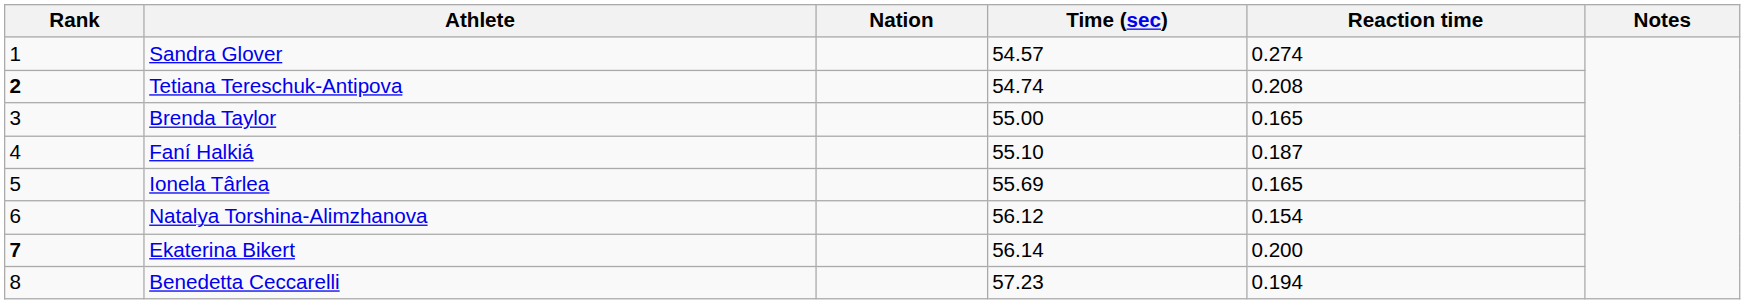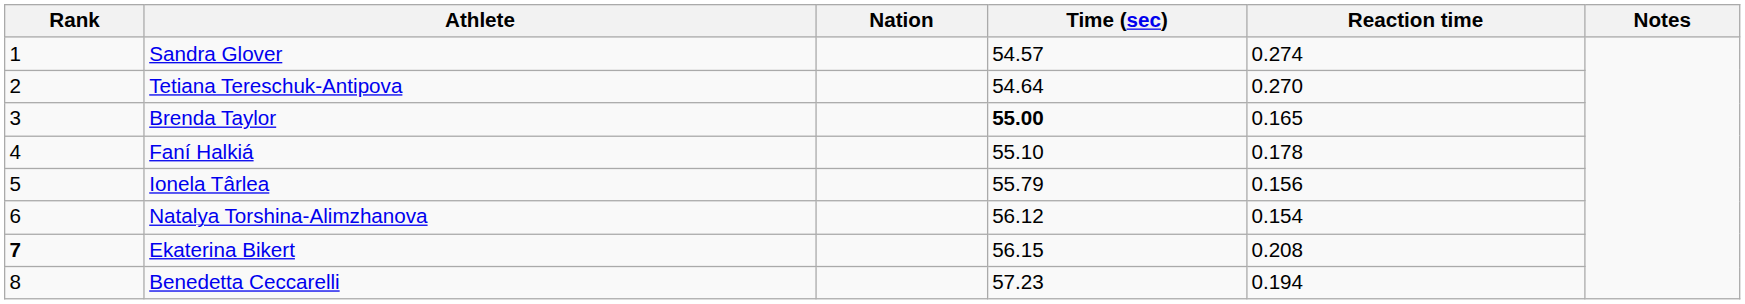 <table class="wikitable" style="text=align:center;" width=85%>
 <tr>
 <th>Rank</th>
 <th>Athlete</th>
 <th>Nation</th>
 <th>Time (<a href='#'>sec</a>)</th>
 <th>Reaction time</th>
 <th>Notes</th>
 </tr>
 <tr>
 <td>1</td>
 <td><a href='#'>Sandra Glover</a></td>
 <td></td>
 <td>54.57</td>
 <td>0.274</td>
 </tr>
 <tr>
-<td><strong>2</strong></td>
+<td>2</td>
 <td><a href='#'>Tetiana Tereschuk-Antipova</a></td>
 <td></td>
-<td>54.74</td>
-<td>0.208</td>
+<td>54.64</td>
+<td>0.270</td>
 </tr>
 <tr>
 <td>3</td>
 <td><a href='#'>Brenda Taylor</a></td>
 <td></td>
-<td>55.00</td>
+<td><strong>55.00</strong></td>
 <td>0.165</td>
 </tr>
 <tr>
 <td>4</td>
 <td><a href='#'>Faní Halkiá</a></td>
 <td></td>
 <td>55.10</td>
-<td>0.187</td>
+<td>0.178</td>
 </tr>
 <tr>
 <td>5</td>
 <td><a href='#'>Ionela Târlea</a></td>
 <td></td>
-<td>55.69</td>
-<td>0.165</td>
+<td>55.79</td>
+<td>0.156</td>
 </tr>
 <tr>
 <td>6</td>
 <td><a href='#'>Natalya Torshina-Alimzhanova</a></td>
 <td></td>
 <td>56.12</td>
 <td>0.154</td>
 </tr>
 <tr>
 <td><strong>7</strong></td>
 <td><a href='#'>Ekaterina Bikert</a></td>
 <td></td>
-<td>56.14</td>
-<td>0.200</td>
+<td>56.15</td>
+<td>0.208</td>
 </tr>
 <tr>
 <td>8</td>
 <td><a href='#'>Benedetta Ceccarelli</a></td>
 <td></td>
 <td>57.23</td>
 <td>0.194</td>
 </tr>
 </table>
